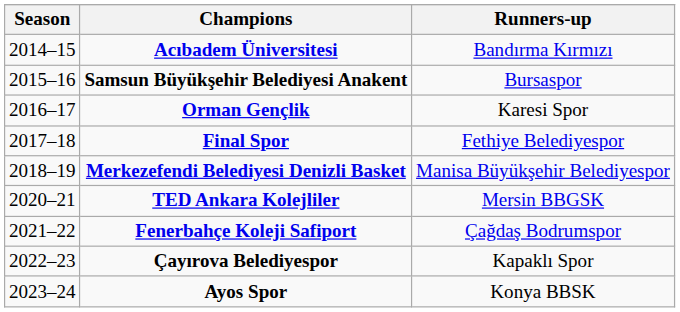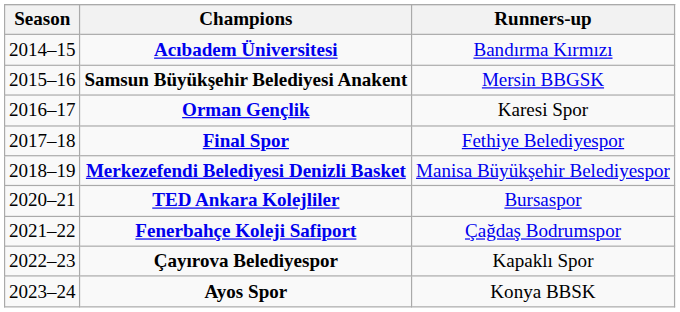 <table class="wikitable sortable" style="width:360; margin:0; text-align:center">
 <tr>
 </tr>
 <tr>
 <th>Season</th>
 <th>Champions</th>
 <th>Runners-up</th>
 </tr>
 <tr>
 <td>2014–15</td>
 <td><strong><a href='#'>Acıbadem Üniversitesi</a></strong></td>
 <td><a href='#'>Bandırma Kırmızı</a></td>
 </tr>
 <tr>
 <td>2015–16</td>
 <td><strong>Samsun Büyükşehir Belediyesi Anakent</strong></td>
-<td><a href='#'>Bursaspor</a></td>
+<td><a href='#'>Mersin BBGSK</a></td>
 </tr>
 <tr>
 <td>2016–17</td>
 <td><strong><a href='#'>Orman Gençlik</a></strong></td>
 <td>Karesi Spor</td>
 </tr>
 <tr>
 <td>2017–18</td>
 <td><strong><a href='#'>Final Spor</a></strong></td>
 <td><a href='#'>Fethiye Belediyespor</a></td>
 </tr>
 <tr>
 <td>2018–19</td>
 <td><strong><a href='#'>Merkezefendi Belediyesi Denizli Basket</a></strong></td>
 <td><a href='#'>Manisa Büyükşehir Belediyespor</a></td>
 </tr>
 <tr>
 <td>2020–21</td>
 <td><strong><a href='#'>TED Ankara Kolejliler</a></strong></td>
-<td><a href='#'>Mersin BBGSK</a></td>
+<td><a href='#'>Bursaspor</a></td>
 </tr>
 <tr>
 <td>2021–22</td>
 <td><strong><a href='#'>Fenerbahçe Koleji Safiport</a></strong></td>
 <td><a href='#'>Çağdaş Bodrumspor</a></td>
 </tr>
 <tr>
 <td>2022–23</td>
 <td><strong>Çayırova Belediyespor</strong></td>
 <td>Kapaklı Spor</td>
 </tr>
 <tr>
 <td>2023–24</td>
 <td><strong>Ayos Spor</strong></td>
 <td>Konya BBSK</td>
 </tr>
 </table>
